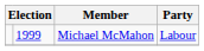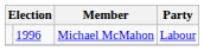 <table class="wikitable">
 <tr>
 <th colspan="2">Election</th>
 <th>Member</th>
 <th>Party</th>
 </tr>
 <tr>
 <td style="background-color: "></td>
-<td><a href='#'>1999</a></td>
+<td><a href='#'>1996</a></td>
 <td><a href='#'>Michael McMahon</a></td>
 <td><a href='#'>Labour</a></td>
 </tr>
 <tr>
 </tr>
 </table>
